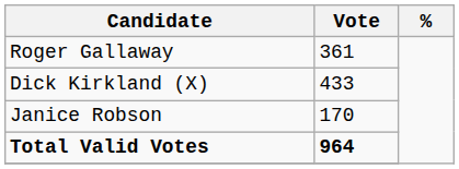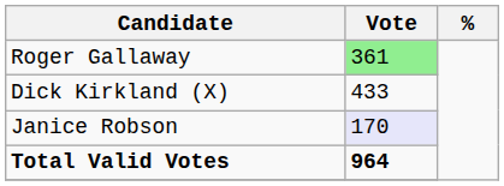 <table class="wikitable">
 <tr>
 <th bgcolor="#DDDDFF" width="200px">Candidate</th>
 <th bgcolor="#DDDDFF" width="50px">Vote</th>
 <th bgcolor="#DDDDFF" width="30px">%</th>
 </tr>
 <tr>
 <td>Roger Gallaway</td>
-<td>361</td>
+<td style="background: lightgreen;">361</td>
 </tr>
 <tr>
 <td>Dick Kirkland (X)</td>
 <td>433</td>
 </tr>
 <tr>
 <td>Janice Robson</td>
-<td>170</td>
+<td style="background: lavender;">170</td>
 </tr>
 <tr>
 <td><strong>Total Valid Votes</strong></td>
 <td><strong>964</strong></td>
 </tr>
 <tr>
 </tr>
 </table>
